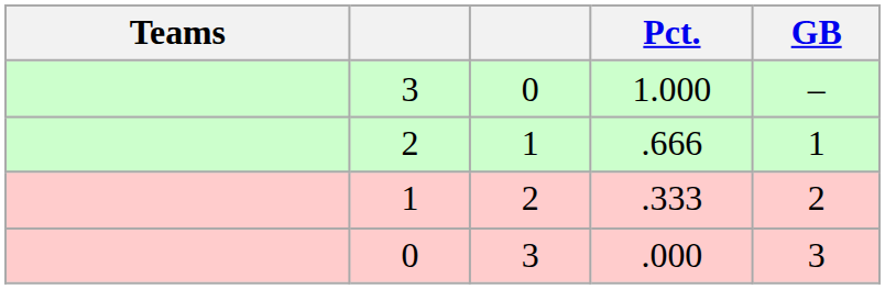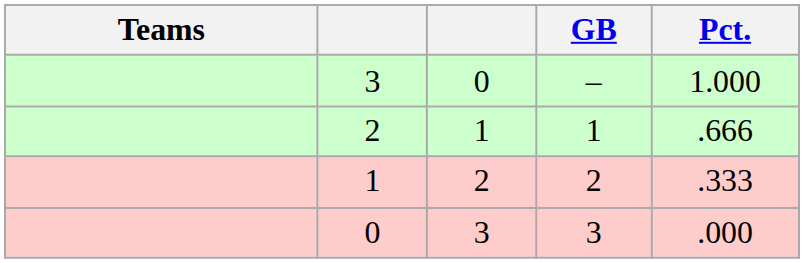 <table class="wikitable" width="400" style="text-align:center;">
 <tr>
 <th width="20%">Teams</th>
 <th width="7%"></th>
 <th width="7%"></th>
+<th width="7%"><a href='#'>GB</a></th>
 <th width="8%"><a href='#'>Pct.</a></th>
-<th width="7%"><a href='#'>GB</a></th>
 </tr>
 <tr style="background-color:#cfc">
 <td align=left></td>
 <td>3</td>
 <td>0</td>
+<td>–</td>
 <td>1.000</td>
-<td>–</td>
 </tr>
 <tr style="background-color:#cfc">
 <td align=left></td>
 <td>2</td>
 <td>1</td>
+<td>1</td>
 <td>.666</td>
-<td>1</td>
 </tr>
 <tr style="background-color:#fcc">
 <td align=left></td>
 <td>1</td>
 <td>2</td>
+<td>2</td>
 <td>.333</td>
-<td>2</td>
 </tr>
 <tr style="background-color:#fcc">
 <td align=left></td>
 <td>0</td>
 <td>3</td>
+<td>3</td>
 <td>.000</td>
-<td>3</td>
 </tr>
 </table>
